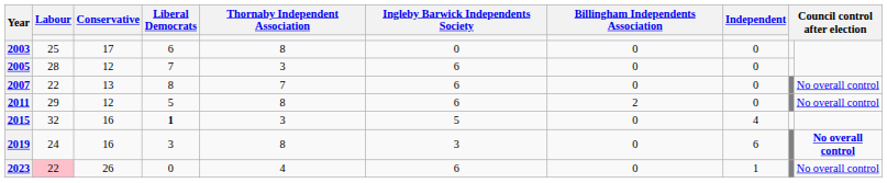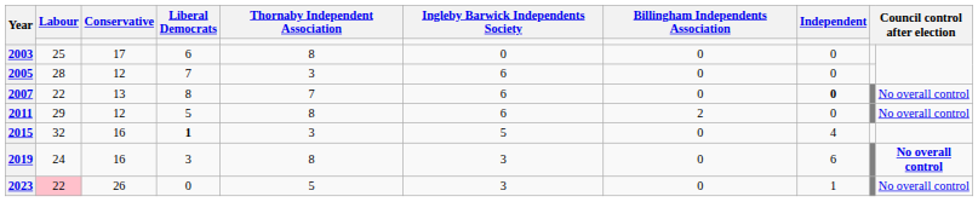 <table class="wikitable plainrowheaders" style="text-align:center">
 <tr>
 <th scope="col" rowspan="2">Year</th>
 <th scope="col"><a href='#'>Labour</a></th>
 <th scope="col"><a href='#'>Conservative</a></th>
 <th scope="col" style="width:1px"><a href='#'>Liberal Democrats</a></th>
 <th scope="col"><a href='#'>Thornaby Independent Association</a></th>
 <th scope="col"><a href='#'>Ingleby Barwick Independents Society</a></th>
 <th scope="col"><a href='#'>Billingham Independents Association</a></th>
 <th scope="col"><a href='#'>Independent</a></th>
 <th scope="col" rowspan="2" colspan="2">Council control<br>after election</th>
 </tr>
 <tr>
 <td style="background:"></td>
 <td style="background:"></td>
 <td style="background:"></td>
 <td style="background:"></td>
 <td style="background:"></td>
 <td style="background:"></td>
 <td style="background:"></td>
 </tr>
 <tr>
 <th scope="row"><a href='#'>2003</a></th>
 <td>25</td>
 <td>17</td>
 <td>6</td>
 <td>8</td>
 <td>0</td>
 <td>0</td>
 <td>0</td>
 <td></td>
 </tr>
 <tr>
 <th scope="row"><a href='#'>2005</a></th>
 <td>28</td>
 <td>12</td>
 <td>7</td>
 <td>3</td>
 <td>6</td>
 <td>0</td>
 <td>0</td>
 <td></td>
 </tr>
 <tr>
 <th scope="row"><a href='#'>2007</a></th>
 <td>22</td>
 <td>13</td>
 <td>8</td>
 <td>7</td>
 <td>6</td>
 <td>0</td>
-<td>0</td>
+<td><strong>0</strong></td>
 <td bgcolor=grey></td>
 <td><a href='#'>No overall control</a></td>
 </tr>
 <tr>
 <th scope="row"><a href='#'>2011</a></th>
 <td>29</td>
 <td>12</td>
 <td>5</td>
 <td>8</td>
 <td>6</td>
 <td>2</td>
 <td>0</td>
 <td bgcolor=grey></td>
 <td><a href='#'>No overall control</a></td>
 </tr>
 <tr>
 <th scope="row"><a href='#'>2015</a></th>
 <td>32</td>
 <td>16</td>
 <td><strong>1</strong></td>
 <td>3</td>
 <td>5</td>
 <td>0</td>
 <td>4</td>
 <td></td>
 </tr>
 <tr>
 <th scope="row"><a href='#'>2019</a></th>
 <td>24</td>
 <td>16</td>
 <td>3</td>
 <td>8</td>
 <td>3</td>
 <td>0</td>
 <td>6</td>
 <td bgcolor=grey></td>
 <td><strong><a href='#'>No overall control</a></strong></td>
 </tr>
 <tr>
 <th scope="row"><a href='#'>2023</a></th>
 <td style="background: pink;">22</td>
 <td>26</td>
 <td>0</td>
-<td>4</td>
-<td>6</td>
+<td>5</td>
+<td>3</td>
 <td>0</td>
 <td>1</td>
 <td bgcolor=grey></td>
 <td><a href='#'>No overall control</a></td>
 </tr>
 </table>
